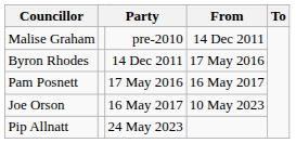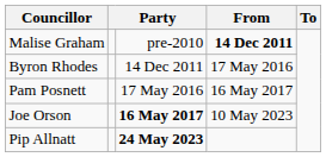 <table class=wikitable>
 <tr>
 <th>Councillor</th>
 <th colspan=2>Party</th>
 <th>From</th>
 <th>To</th>
 </tr>
 <tr>
 <td>Malise Graham</td>
 <td></td>
 <td align=right>pre-2010</td>
-<td align=right>14 Dec 2011</td>
+<td align=right><strong>14 Dec 2011</strong></td>
 </tr>
 <tr>
 <td>Byron Rhodes</td>
 <td></td>
 <td align=right>14 Dec 2011</td>
 <td align=right>17 May 2016</td>
 </tr>
 <tr>
 <td>Pam Posnett</td>
 <td></td>
 <td align=right>17 May 2016</td>
 <td align=right>16 May 2017</td>
 </tr>
 <tr>
 <td>Joe Orson</td>
 <td></td>
-<td align=right>16 May 2017</td>
+<td align=right><strong>16 May 2017</strong></td>
 <td align=right>10 May 2023</td>
 </tr>
 <tr>
 <td>Pip Allnatt</td>
 <td></td>
-<td align=right>24 May 2023</td>
+<td align=right><strong>24 May 2023</strong></td>
 <td align=right></td>
 </tr>
 </table>
